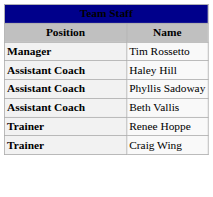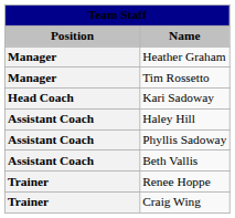 <table class="wikitable" style="text-align:left; font-size:90%;">
 <tr>
 <th style=background:DarkBlue colspan=2><span>Team Staff</span></th>
 </tr>
 <tr>
 <th width=60% style="background:silver;">Position</th>
 <th style="background:silver;">Name</th>
 </tr>
 <tr>
 <th style="text-align:left;">Manager</th>
+<td>Heather Graham</td>
+</tr>
+<tr>
+<th style="text-align:left;">Manager</th>
 <td>Tim Rossetto</td>
+</tr>
+<tr>
+<th style="text-align:left;">Head Coach</th>
+<td>Kari Sadoway</td>
 </tr>
 <tr>
 <th style="text-align:left;">Assistant Coach</th>
 <td>Haley Hill</td>
 </tr>
 <tr>
 <th style="text-align:left;">Assistant Coach</th>
 <td>Phyllis Sadoway</td>
 </tr>
 <tr>
 <th style="text-align:left;">Assistant Coach</th>
 <td>Beth Vallis</td>
 </tr>
 <tr>
 <th style="text-align:left;">Trainer</th>
 <td>Renee Hoppe</td>
 </tr>
 <tr>
 <th style="text-align:left;">Trainer</th>
 <td>Craig Wing</td>
 </tr>
 </table>
